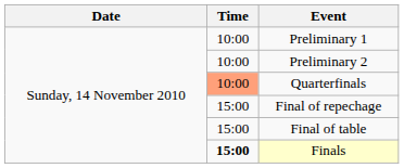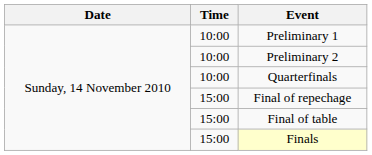 <table class = "wikitable" style="text-align:center;">
 <tr>
 <th width=220>Date</th>
 <th width=50>Time</th>
 <th width=150>Event</th>
 </tr>
 <tr>
 <td rowspan=6>Sunday, 14 November 2010</td>
 <td>10:00</td>
 <td>Preliminary 1</td>
 </tr>
 <tr>
 <td>10:00</td>
 <td>Preliminary 2</td>
 </tr>
 <tr>
-<td style="background: lightsalmon;">10:00</td>
+<td>10:00</td>
 <td>Quarterfinals</td>
 </tr>
 <tr>
 <td>15:00</td>
 <td>Final of repechage</td>
 </tr>
 <tr>
 <td>15:00</td>
 <td>Final of table</td>
 </tr>
 <tr>
-<td><strong>15:00</strong></td>
+<td>15:00</td>
 <td bgcolor=ffffcc>Finals</td>
 </tr>
 </table>
